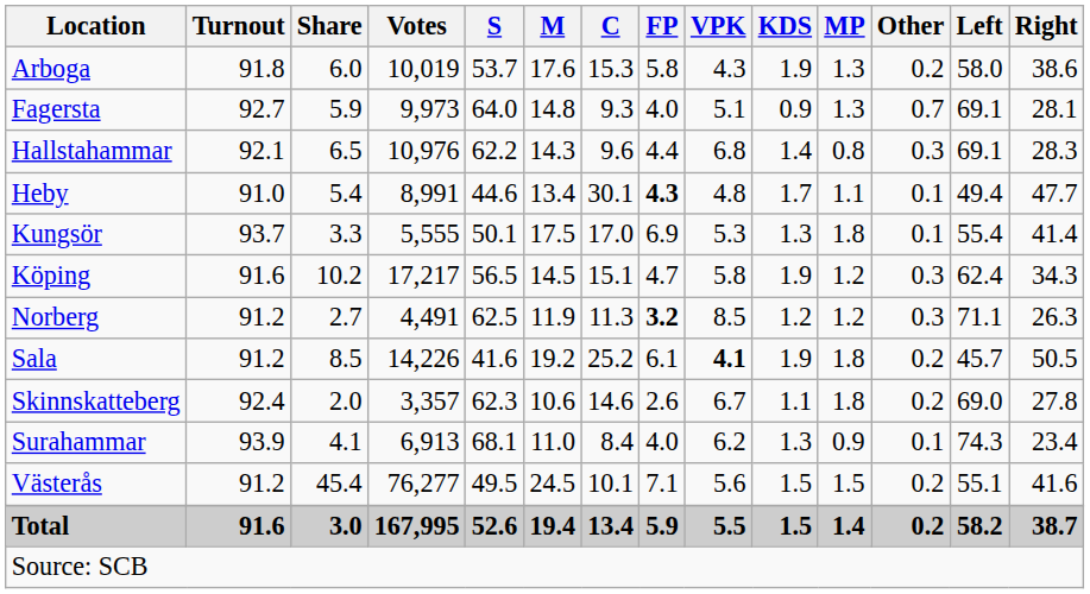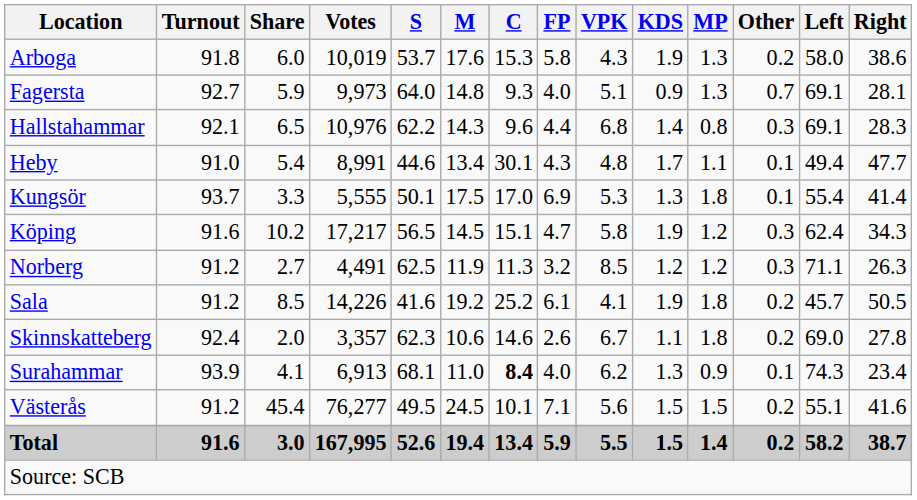 <table class="wikitable sortable" style=text-align:right>
 <tr>
 <th>Location</th>
 <th>Turnout</th>
 <th>Share</th>
 <th>Votes</th>
 <th><a href='#'>S</a></th>
 <th><a href='#'>M</a></th>
 <th><a href='#'>C</a></th>
 <th><a href='#'>FP</a></th>
 <th><a href='#'>VPK</a></th>
 <th><a href='#'>KDS</a></th>
 <th><a href='#'>MP</a></th>
 <th>Other</th>
 <th>Left</th>
 <th>Right</th>
 </tr>
 <tr>
 <td align=left><a href='#'>Arboga</a></td>
 <td>91.8</td>
 <td>6.0</td>
 <td>10,019</td>
 <td>53.7</td>
 <td>17.6</td>
 <td>15.3</td>
 <td>5.8</td>
 <td>4.3</td>
 <td>1.9</td>
 <td>1.3</td>
 <td>0.2</td>
 <td>58.0</td>
 <td>38.6</td>
 </tr>
 <tr>
 <td align=left><a href='#'>Fagersta</a></td>
 <td>92.7</td>
 <td>5.9</td>
 <td>9,973</td>
 <td>64.0</td>
 <td>14.8</td>
 <td>9.3</td>
 <td>4.0</td>
 <td>5.1</td>
 <td>0.9</td>
 <td>1.3</td>
 <td>0.7</td>
 <td>69.1</td>
 <td>28.1</td>
 </tr>
 <tr>
 <td align=left><a href='#'>Hallstahammar</a></td>
 <td>92.1</td>
 <td>6.5</td>
 <td>10,976</td>
 <td>62.2</td>
 <td>14.3</td>
 <td>9.6</td>
 <td>4.4</td>
 <td>6.8</td>
 <td>1.4</td>
 <td>0.8</td>
 <td>0.3</td>
 <td>69.1</td>
 <td>28.3</td>
 </tr>
 <tr>
 <td align=left><a href='#'>Heby</a></td>
 <td>91.0</td>
 <td>5.4</td>
 <td>8,991</td>
 <td>44.6</td>
 <td>13.4</td>
 <td>30.1</td>
-<td><strong>4.3</strong></td>
+<td>4.3</td>
 <td>4.8</td>
 <td>1.7</td>
 <td>1.1</td>
 <td>0.1</td>
 <td>49.4</td>
 <td>47.7</td>
 </tr>
 <tr>
 <td align=left><a href='#'>Kungsör</a></td>
 <td>93.7</td>
 <td>3.3</td>
 <td>5,555</td>
 <td>50.1</td>
 <td>17.5</td>
 <td>17.0</td>
 <td>6.9</td>
 <td>5.3</td>
 <td>1.3</td>
 <td>1.8</td>
 <td>0.1</td>
 <td>55.4</td>
 <td>41.4</td>
 </tr>
 <tr>
 <td align=left><a href='#'>Köping</a></td>
 <td>91.6</td>
 <td>10.2</td>
 <td>17,217</td>
 <td>56.5</td>
 <td>14.5</td>
 <td>15.1</td>
 <td>4.7</td>
 <td>5.8</td>
 <td>1.9</td>
 <td>1.2</td>
 <td>0.3</td>
 <td>62.4</td>
 <td>34.3</td>
 </tr>
 <tr>
 <td align=left><a href='#'>Norberg</a></td>
 <td>91.2</td>
 <td>2.7</td>
 <td>4,491</td>
 <td>62.5</td>
 <td>11.9</td>
 <td>11.3</td>
-<td><strong>3.2</strong></td>
+<td>3.2</td>
 <td>8.5</td>
 <td>1.2</td>
 <td>1.2</td>
 <td>0.3</td>
 <td>71.1</td>
 <td>26.3</td>
 </tr>
 <tr>
 <td align=left><a href='#'>Sala</a></td>
 <td>91.2</td>
 <td>8.5</td>
 <td>14,226</td>
 <td>41.6</td>
 <td>19.2</td>
 <td>25.2</td>
 <td>6.1</td>
-<td><strong>4.1</strong></td>
+<td>4.1</td>
 <td>1.9</td>
 <td>1.8</td>
 <td>0.2</td>
 <td>45.7</td>
 <td>50.5</td>
 </tr>
 <tr>
 <td align=left><a href='#'>Skinnskatteberg</a></td>
 <td>92.4</td>
 <td>2.0</td>
 <td>3,357</td>
 <td>62.3</td>
 <td>10.6</td>
 <td>14.6</td>
 <td>2.6</td>
 <td>6.7</td>
 <td>1.1</td>
 <td>1.8</td>
 <td>0.2</td>
 <td>69.0</td>
 <td>27.8</td>
 </tr>
 <tr>
 <td align=left><a href='#'>Surahammar</a></td>
 <td>93.9</td>
 <td>4.1</td>
 <td>6,913</td>
 <td>68.1</td>
 <td>11.0</td>
-<td>8.4</td>
+<td><strong>8.4</strong></td>
 <td>4.0</td>
 <td>6.2</td>
 <td>1.3</td>
 <td>0.9</td>
 <td>0.1</td>
 <td>74.3</td>
 <td>23.4</td>
 </tr>
 <tr>
 <td align=left><a href='#'>Västerås</a></td>
 <td>91.2</td>
 <td>45.4</td>
 <td>76,277</td>
 <td>49.5</td>
 <td>24.5</td>
 <td>10.1</td>
 <td>7.1</td>
 <td>5.6</td>
 <td>1.5</td>
 <td>1.5</td>
 <td>0.2</td>
 <td>55.1</td>
 <td>41.6</td>
 </tr>
 <tr>
 </tr>
 <tr style="background:#CDCDCD;">
 <td align=left><strong>Total</strong></td>
 <td><strong>91.6</strong></td>
 <td><strong>3.0</strong></td>
 <td><strong>167,995</strong></td>
 <td><strong>52.6</strong></td>
 <td><strong>19.4</strong></td>
 <td><strong>13.4</strong></td>
 <td><strong>5.9</strong></td>
 <td><strong>5.5</strong></td>
 <td><strong>1.5</strong></td>
 <td><strong>1.4</strong></td>
 <td><strong>0.2</strong></td>
 <td><strong>58.2</strong></td>
 <td><strong>38.7</strong></td>
 </tr>
 <tr>
 <td align=left colspan=14>Source: SCB </td>
 </tr>
 </table>
